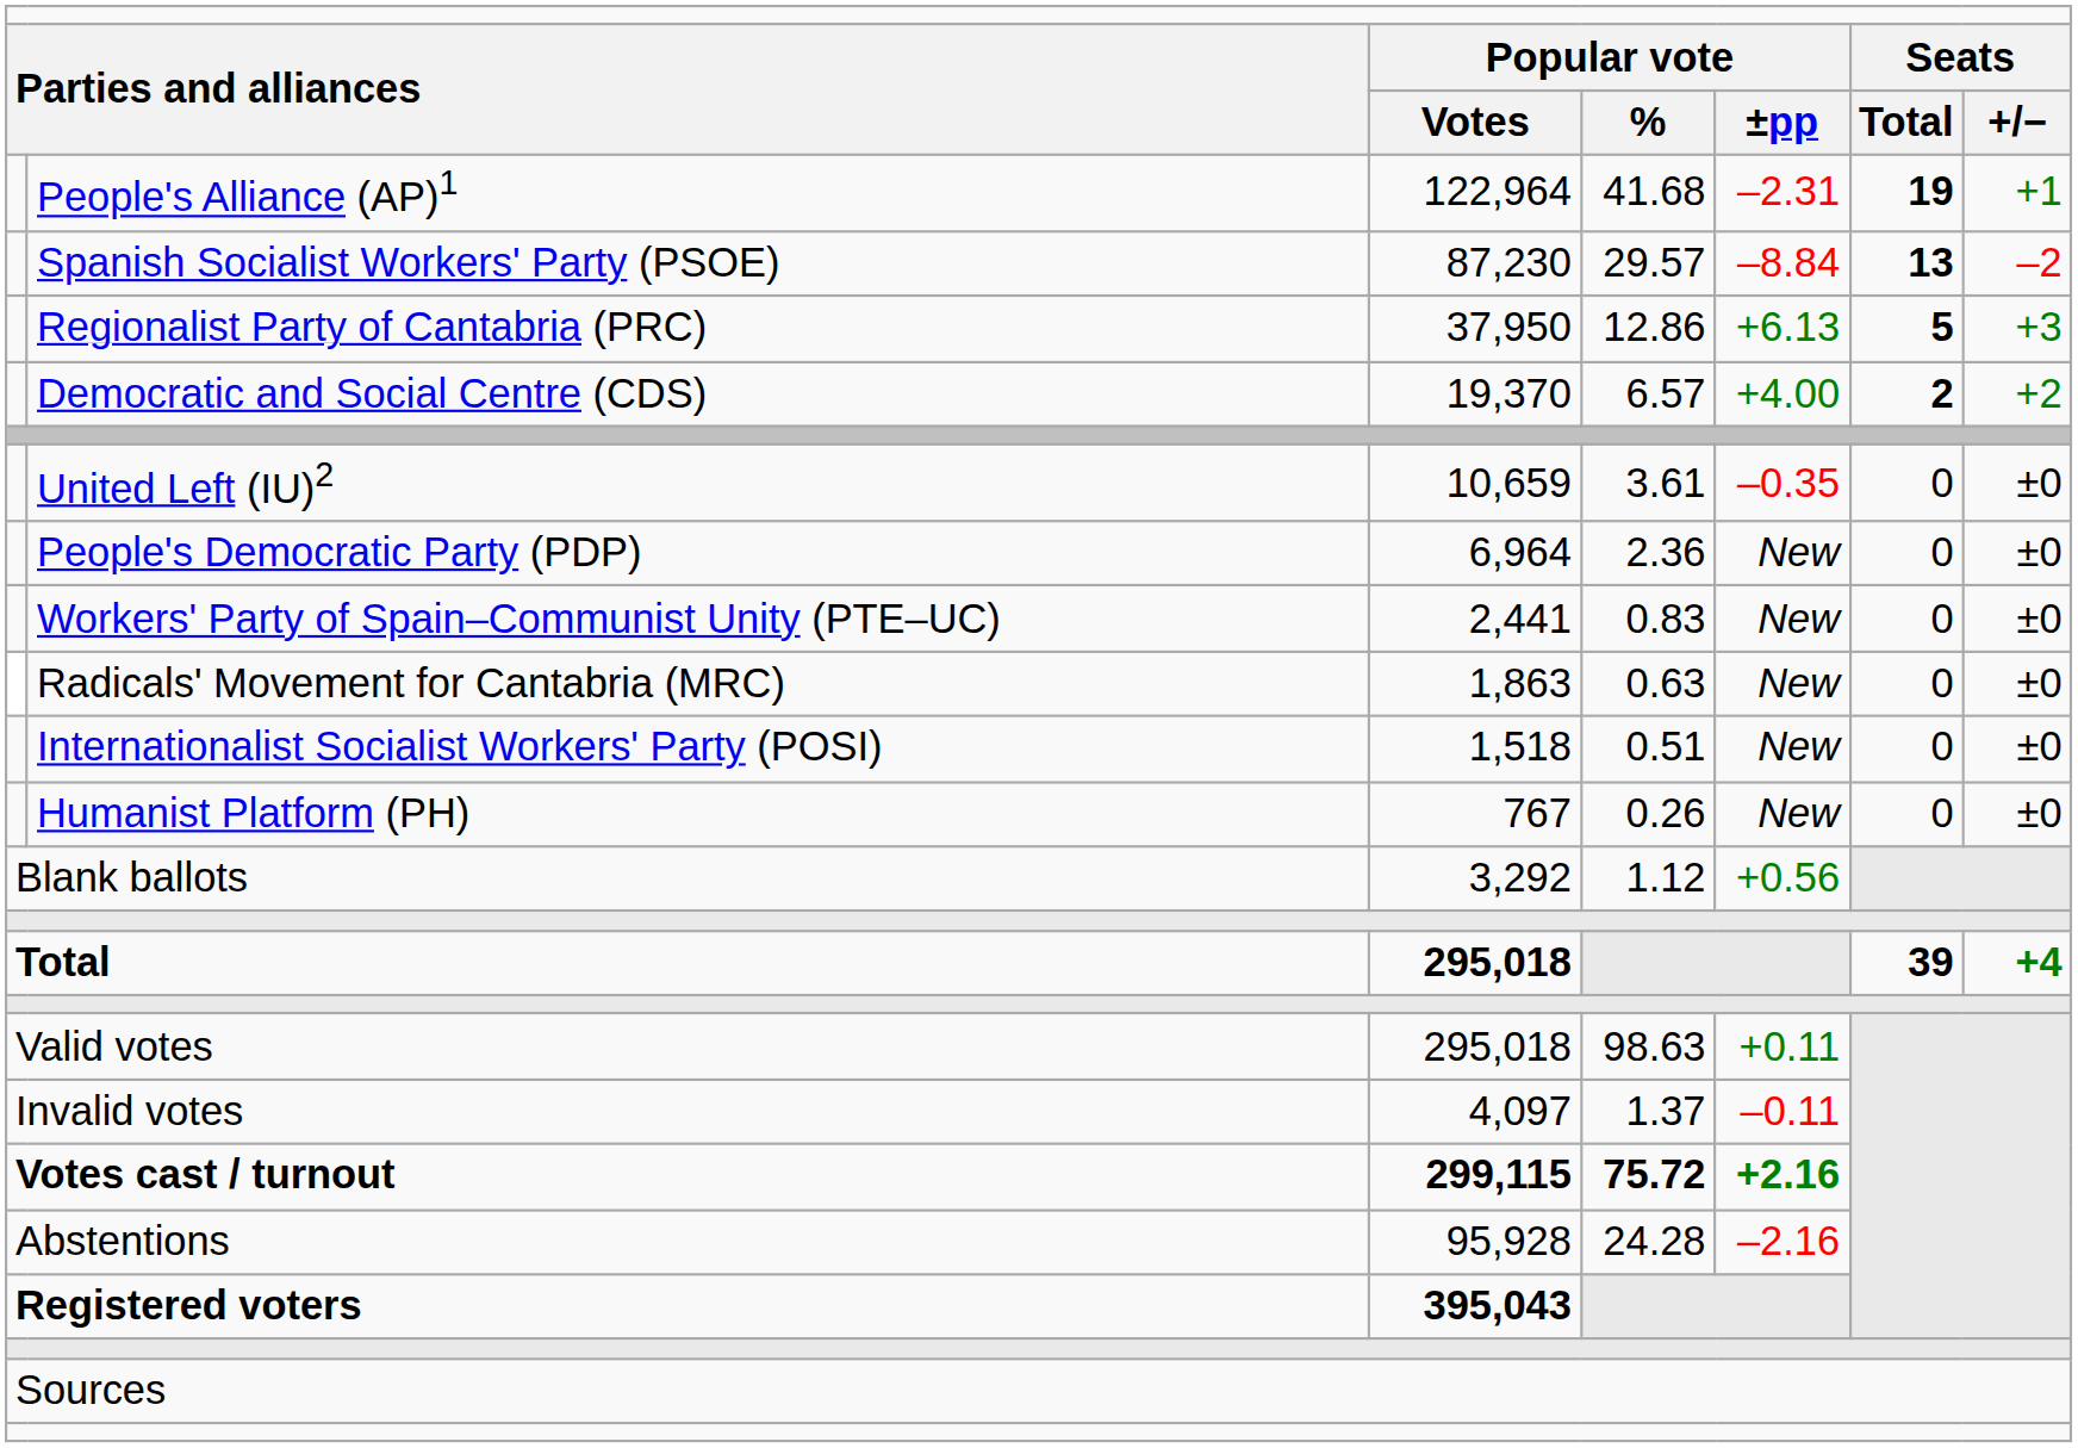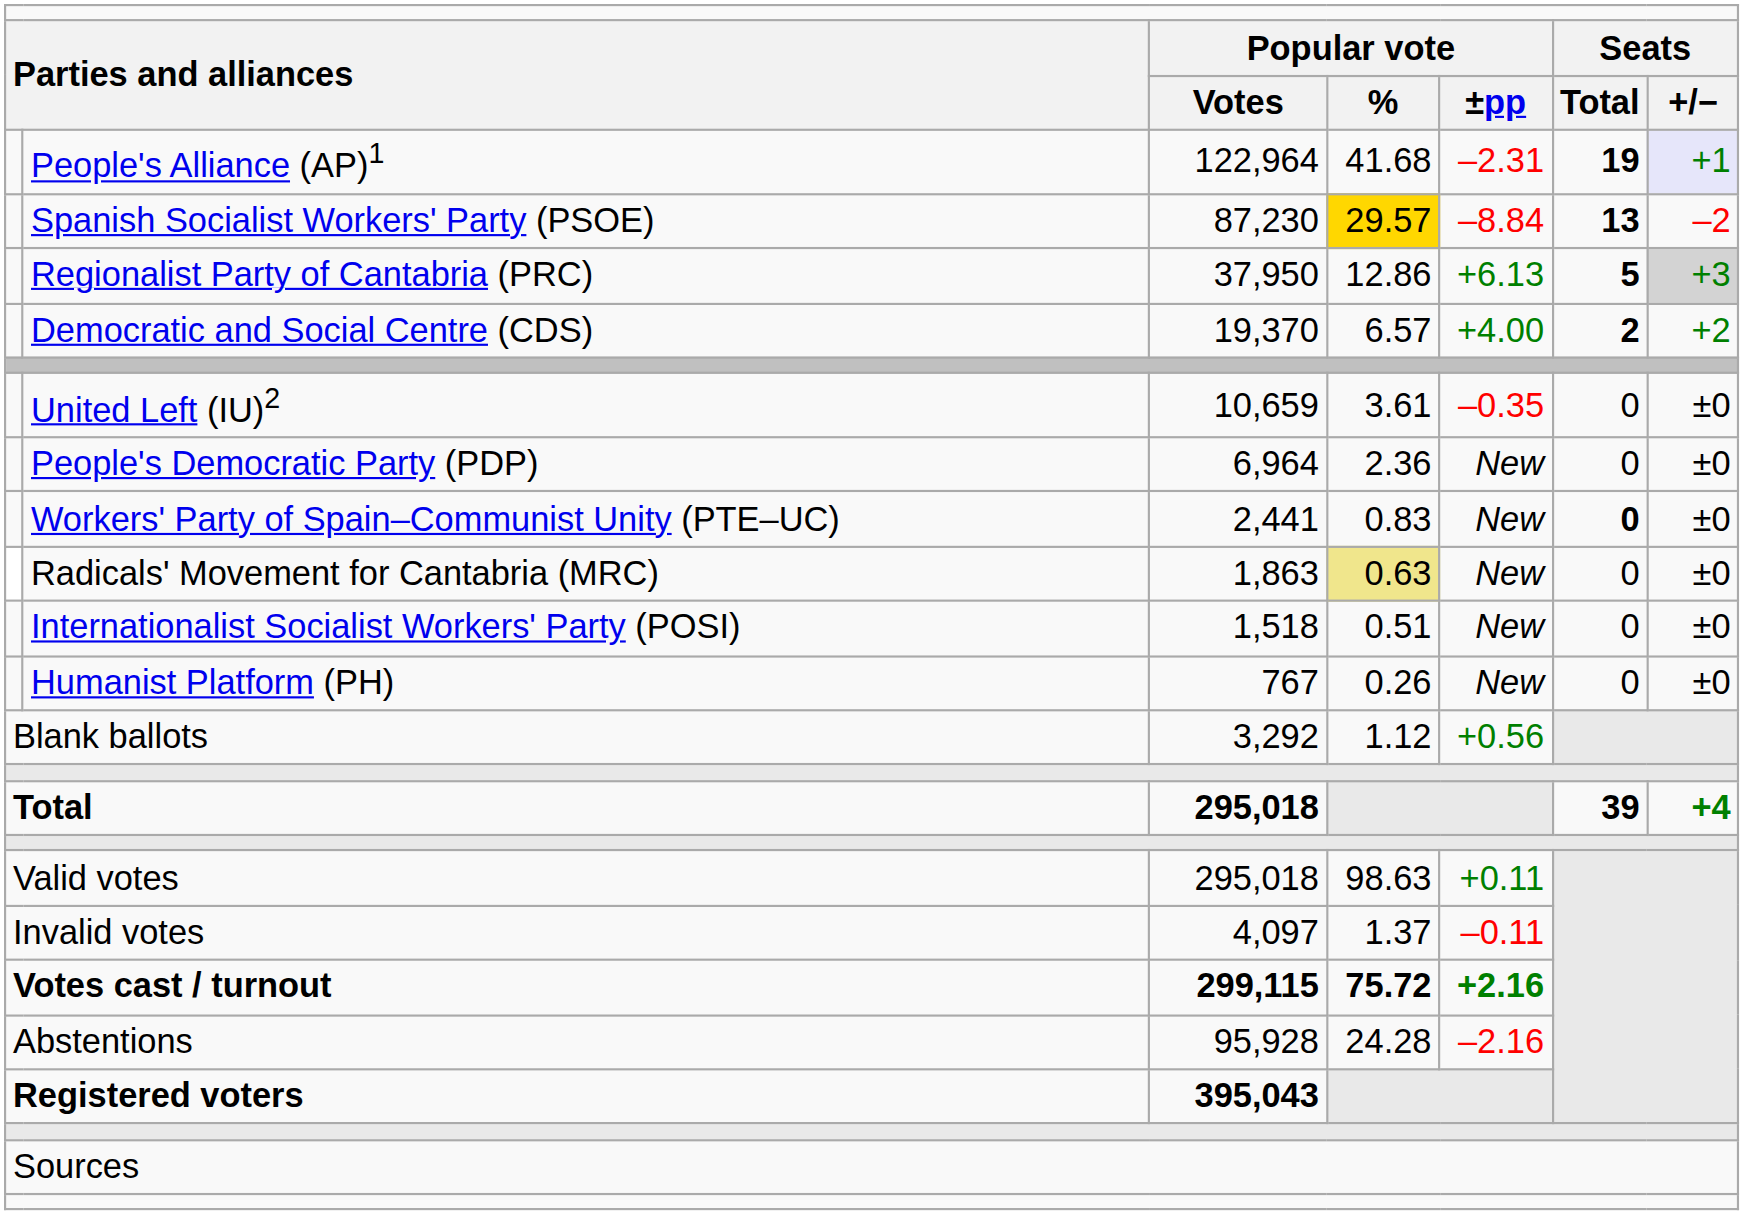 <table class="wikitable" style="text-align:right;">
 <tr>
 <td colspan="7"></td>
 </tr>
 <tr>
 <th style="text-align:left;" rowspan="2" colspan="2" width="525">Parties and alliances</th>
 <th colspan="3">Popular vote</th>
 <th colspan="2">Seats</th>
 </tr>
 <tr>
 <th width="75">Votes</th>
 <th width="45">%</th>
 <th width="45">±<a href='#'>pp</a></th>
 <th width="35">Total</th>
 <th width="35">+/−</th>
 </tr>
 <tr>
 <td width="1" style="color:inherit;background:"></td>
 <td align="left"><a href='#'>People's Alliance</a> (AP)<sup>1</sup></td>
 <td>122,964</td>
 <td>41.68</td>
 <td style="color:red;">–2.31</td>
 <td><strong>19</strong></td>
-<td style="color:green;">+1</td>
+<td style="background: lavender; color:green;">+1</td>
 </tr>
 <tr>
 <td style="color:inherit;background:"></td>
 <td align="left"><a href='#'>Spanish Socialist Workers' Party</a> (PSOE)</td>
 <td>87,230</td>
-<td>29.57</td>
+<td style="background: gold;">29.57</td>
 <td style="color:red;">–8.84</td>
 <td><strong>13</strong></td>
 <td style="color:red;">–2</td>
 </tr>
 <tr>
 <td style="color:inherit;background:"></td>
 <td align="left"><a href='#'>Regionalist Party of Cantabria</a> (PRC)</td>
 <td>37,950</td>
 <td>12.86</td>
 <td style="color:green;">+6.13</td>
 <td><strong>5</strong></td>
-<td style="color:green;">+3</td>
+<td style="background: lightgrey; color:green;">+3</td>
 </tr>
 <tr>
 <td style="color:inherit;background:"></td>
 <td align="left"><a href='#'>Democratic and Social Centre</a> (CDS)</td>
 <td>19,370</td>
 <td>6.57</td>
 <td style="color:green;">+4.00</td>
 <td><strong>2</strong></td>
 <td style="color:green;">+2</td>
 </tr>
 <tr>
 <td colspan="7" bgcolor="#C0C0C0"></td>
 </tr>
 <tr>
 <td style="color:inherit;background:"></td>
 <td align="left"><a href='#'>United Left</a> (IU)<sup>2</sup></td>
 <td>10,659</td>
 <td>3.61</td>
 <td style="color:red;">–0.35</td>
 <td>0</td>
 <td>±0</td>
 </tr>
 <tr>
 <td style="color:inherit;background:"></td>
 <td align="left"><a href='#'>People's Democratic Party</a> (PDP)</td>
 <td>6,964</td>
 <td>2.36</td>
 <td><em>New</em></td>
 <td>0</td>
 <td>±0</td>
 </tr>
 <tr>
 <td style="color:inherit;background:"></td>
 <td align="left"><a href='#'>Workers' Party of Spain–Communist Unity</a> (PTE–UC)</td>
 <td>2,441</td>
 <td>0.83</td>
 <td><em>New</em></td>
-<td>0</td>
+<td><strong>0</strong></td>
 <td>±0</td>
 </tr>
 <tr>
 <td bgcolor="white"></td>
 <td align="left">Radicals' Movement for Cantabria (MRC)</td>
 <td>1,863</td>
-<td>0.63</td>
+<td style="background: khaki;">0.63</td>
 <td><em>New</em></td>
 <td>0</td>
 <td>±0</td>
 </tr>
 <tr>
 <td style="color:inherit;background:"></td>
 <td align="left"><a href='#'>Internationalist Socialist Workers' Party</a> (POSI)</td>
 <td>1,518</td>
 <td>0.51</td>
 <td><em>New</em></td>
 <td>0</td>
 <td>±0</td>
 </tr>
 <tr>
 <td style="color:inherit;background:"></td>
 <td align="left"><a href='#'>Humanist Platform</a> (PH)</td>
 <td>767</td>
 <td>0.26</td>
 <td><em>New</em></td>
 <td>0</td>
 <td>±0</td>
 </tr>
 <tr>
 <td align="left" colspan="2">Blank ballots</td>
 <td>3,292</td>
 <td>1.12</td>
 <td style="color:green;">+0.56</td>
 <td bgcolor="#E9E9E9" colspan="2"></td>
 </tr>
 <tr>
 <td colspan="7" bgcolor="#E9E9E9"></td>
 </tr>
 <tr style="font-weight:bold;">
 <td align="left" colspan="2">Total</td>
 <td>295,018</td>
 <td bgcolor="#E9E9E9" colspan="2"></td>
 <td>39</td>
 <td style="color:green;">+4</td>
 </tr>
 <tr>
 <td colspan="7" bgcolor="#E9E9E9"></td>
 </tr>
 <tr>
 <td align="left" colspan="2">Valid votes</td>
 <td>295,018</td>
 <td>98.63</td>
 <td style="color:green;">+0.11</td>
 <td bgcolor="#E9E9E9" colspan="2" rowspan="5"></td>
 </tr>
 <tr>
 <td align="left" colspan="2">Invalid votes</td>
 <td>4,097</td>
 <td>1.37</td>
 <td style="color:red;">–0.11</td>
 </tr>
 <tr style="font-weight:bold;">
 <td align="left" colspan="2">Votes cast / turnout</td>
 <td>299,115</td>
 <td>75.72</td>
 <td style="color:green;">+2.16</td>
 </tr>
 <tr>
 <td align="left" colspan="2">Abstentions</td>
 <td>95,928</td>
 <td>24.28</td>
 <td style="color:red;">–2.16</td>
 </tr>
 <tr style="font-weight:bold;">
 <td align="left" colspan="2">Registered voters</td>
 <td>395,043</td>
 <td bgcolor="#E9E9E9" colspan="2"></td>
 </tr>
 <tr>
 <td colspan="7" bgcolor="#E9E9E9"></td>
 </tr>
 <tr>
 <td align="left" colspan="7">Sources</td>
 </tr>
 <tr>
 <td colspan="7" style="text-align:left; max-width:790px;"></td>
 </tr>
 </table>
